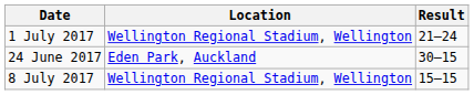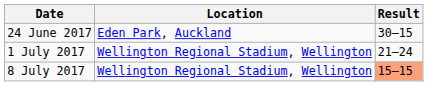 <table class="wikitable" style="align:center;">
 <tr>
 <th>Date</th>
 <th>Location</th>
 <th>Result</th>
 </tr>
 <tr>
+<td>24 June 2017</td>
+<td><a href='#'>Eden Park</a>, <a href='#'>Auckland</a></td>
+<td> 30–15 </td>
+</tr>
+<tr>
 <td>1 July 2017</td>
 <td><a href='#'>Wellington Regional Stadium</a>, <a href='#'>Wellington</a></td>
 <td> 21–24 </td>
 </tr>
 <tr>
-<td>24 June 2017</td>
-<td><a href='#'>Eden Park</a>, <a href='#'>Auckland</a></td>
-<td> 30–15 </td>
-</tr>
-<tr>
 <td>8 July 2017</td>
 <td><a href='#'>Wellington Regional Stadium</a>, <a href='#'>Wellington</a></td>
-<td> 15–15 </td>
+<td style="background: lightsalmon;"> 15–15 </td>
 </tr>
 </table>
